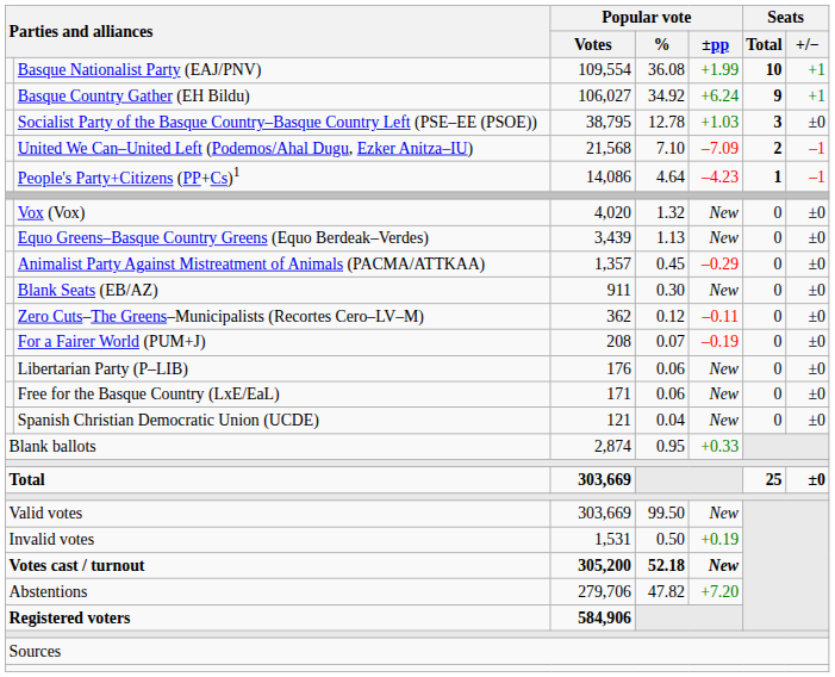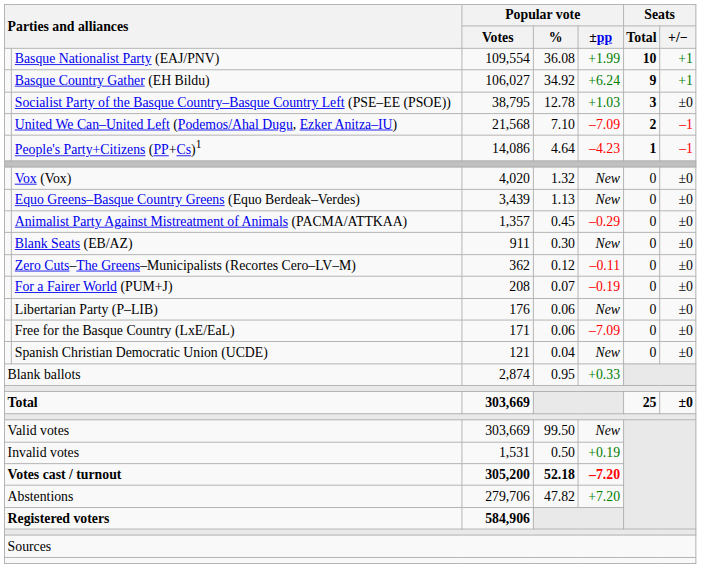 <table class="wikitable" style="text-align:right;">
 <tr>
 <th style="text-align:left;" rowspan="2" colspan="2" width="525">Parties and alliances</th>
 <th colspan="3">Popular vote</th>
 <th colspan="2">Seats</th>
 </tr>
 <tr>
 <th width="75">Votes</th>
 <th width="45">%</th>
 <th width="45">±<a href='#'>pp</a></th>
 <th width="35">Total</th>
 <th width="35">+/−</th>
 </tr>
 <tr>
 <td width="1" style="color:inherit;background:"></td>
 <td align="left"><a href='#'>Basque Nationalist Party</a> (EAJ/PNV)</td>
 <td>109,554</td>
 <td>36.08</td>
 <td style="color:green;">+1.99</td>
 <td><strong>10</strong></td>
 <td style="color:green;">+1</td>
 </tr>
 <tr>
 <td style="color:inherit;background:"></td>
 <td align="left"><a href='#'>Basque Country Gather</a> (EH Bildu)</td>
 <td>106,027</td>
 <td>34.92</td>
 <td style="color:green;">+6.24</td>
 <td><strong>9</strong></td>
 <td style="color:green;">+1</td>
 </tr>
 <tr>
 <td style="color:inherit;background:"></td>
 <td align="left"><a href='#'>Socialist Party of the Basque Country–Basque Country Left</a> (PSE–EE (PSOE))</td>
 <td>38,795</td>
 <td>12.78</td>
 <td style="color:green;">+1.03</td>
 <td><strong>3</strong></td>
 <td>±0</td>
 </tr>
 <tr>
 <td style="color:inherit;background:"></td>
 <td align="left"><a href='#'>United We Can–United Left</a> (<a href='#'>Podemos/Ahal Dugu</a>, <a href='#'>Ezker Anitza–IU</a>)</td>
 <td>21,568</td>
 <td>7.10</td>
 <td style="color:red;">–7.09</td>
 <td><strong>2</strong></td>
 <td style="color:red;">–1</td>
 </tr>
 <tr>
 <td style="color:inherit;background:"></td>
 <td align="left"><a href='#'>People's Party+Citizens</a> (<a href='#'>PP</a>+<a href='#'>Cs</a>)<sup>1</sup></td>
 <td>14,086</td>
 <td>4.64</td>
 <td style="color:red;">–4.23</td>
 <td><strong>1</strong></td>
 <td style="color:red;">–1</td>
 </tr>
 <tr>
 <td colspan="7" bgcolor="#C0C0C0"></td>
 </tr>
 <tr>
 <td style="color:inherit;background:"></td>
 <td align="left"><a href='#'>Vox</a> (Vox)</td>
 <td>4,020</td>
 <td>1.32</td>
 <td><em>New</em></td>
 <td>0</td>
 <td>±0</td>
 </tr>
 <tr>
 <td style="color:inherit;background:"></td>
 <td align="left"><a href='#'>Equo Greens–Basque Country Greens</a> (Equo Berdeak–Verdes)</td>
 <td>3,439</td>
 <td>1.13</td>
 <td><em>New</em></td>
 <td>0</td>
 <td>±0</td>
 </tr>
 <tr>
 <td style="color:inherit;background:"></td>
 <td align="left"><a href='#'>Animalist Party Against Mistreatment of Animals</a> (PACMA/ATTKAA)</td>
 <td>1,357</td>
 <td>0.45</td>
 <td style="color:red;">–0.29</td>
 <td>0</td>
 <td>±0</td>
 </tr>
 <tr>
 <td style="color:inherit;background:"></td>
 <td align="left"><a href='#'>Blank Seats</a> (EB/AZ)</td>
 <td>911</td>
 <td>0.30</td>
 <td><em>New</em></td>
 <td>0</td>
 <td>±0</td>
 </tr>
 <tr>
 <td style="color:inherit;background:"></td>
 <td align="left"><a href='#'>Zero Cuts</a>–<a href='#'>The Greens</a>–Municipalists (Recortes Cero–LV–M)</td>
 <td>362</td>
 <td>0.12</td>
 <td style="color:red;">–0.11</td>
 <td>0</td>
 <td>±0</td>
 </tr>
 <tr>
 <td style="color:inherit;background:"></td>
 <td align="left"><a href='#'>For a Fairer World</a> (PUM+J)</td>
 <td>208</td>
 <td>0.07</td>
 <td style="color:red;">–0.19</td>
 <td>0</td>
 <td>±0</td>
 </tr>
 <tr>
 <td style="color:inherit;background:"></td>
 <td align="left">Libertarian Party (P–LIB)</td>
 <td>176</td>
 <td>0.06</td>
 <td><em>New</em></td>
 <td>0</td>
 <td>±0</td>
 </tr>
 <tr>
 <td style="color:inherit;background:"></td>
 <td align="left">Free for the Basque Country (LxE/EaL)</td>
 <td>171</td>
 <td>0.06</td>
-<td><em>New</em></td>
+<td style="color:red;">–7.09</td>
 <td>0</td>
 <td>±0</td>
 </tr>
 <tr>
 <td style="color:inherit;background:"></td>
 <td align="left">Spanish Christian Democratic Union (UCDE)</td>
 <td>121</td>
 <td>0.04</td>
 <td><em>New</em></td>
 <td>0</td>
 <td>±0</td>
 </tr>
 <tr>
 <td align="left" colspan="2">Blank ballots</td>
 <td>2,874</td>
 <td>0.95</td>
 <td style="color:green;">+0.33</td>
 <td bgcolor="#E9E9E9" colspan="2"></td>
 </tr>
 <tr>
 <td colspan="7" bgcolor="#E9E9E9"></td>
 </tr>
 <tr style="font-weight:bold;">
 <td align="left" colspan="2">Total</td>
 <td>303,669</td>
 <td bgcolor="#E9E9E9" colspan="2"></td>
 <td>25</td>
 <td>±0</td>
 </tr>
 <tr>
 <td colspan="7" bgcolor="#E9E9E9"></td>
 </tr>
 <tr>
 <td align="left" colspan="2">Valid votes</td>
 <td>303,669</td>
 <td>99.50</td>
 <td><em>New</em></td>
 <td bgcolor="#E9E9E9" colspan="2" rowspan="5"></td>
 </tr>
 <tr>
 <td align="left" colspan="2">Invalid votes</td>
 <td>1,531</td>
 <td>0.50</td>
 <td style="color:green;">+0.19</td>
 </tr>
 <tr style="font-weight:bold;">
 <td align="left" colspan="2">Votes cast / turnout</td>
 <td>305,200</td>
 <td>52.18</td>
-<td><em>New</em></td>
+<td style="color:red;">–7.20</td>
 </tr>
 <tr>
 <td align="left" colspan="2">Abstentions</td>
 <td>279,706</td>
 <td>47.82</td>
 <td style="color:green;">+7.20</td>
 </tr>
 <tr style="font-weight:bold;">
 <td align="left" colspan="2">Registered voters</td>
 <td>584,906</td>
 <td bgcolor="#E9E9E9" colspan="2"></td>
 </tr>
 <tr>
 <td colspan="7" bgcolor="#E9E9E9"></td>
 </tr>
 <tr>
 <td align="left" colspan="7">Sources</td>
 </tr>
 <tr>
 <td colspan="7" style="text-align:left; max-width:790px;"></td>
 </tr>
 </table>
